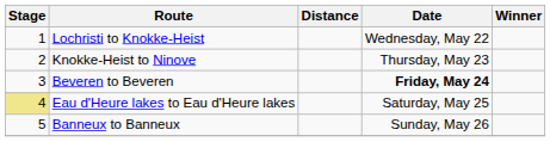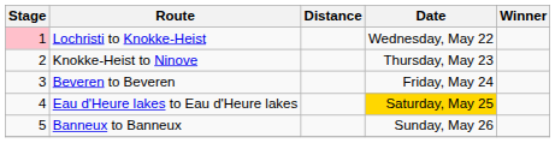 <table class="wikitable">
 <tr>
 <th>Stage</th>
 <th>Route</th>
 <th>Distance</th>
 <th>Date</th>
 <th>Winner</th>
 </tr>
 <tr>
-<td align=right>1</td>
+<td align=right style="background: pink;">1</td>
 <td><a href='#'>Lochristi</a> to <a href='#'>Knokke-Heist</a></td>
 <td> </td>
 <td align=right>Wednesday, May 22</td>
 <td></td>
 </tr>
 <tr>
 <td align=right>2</td>
 <td>Knokke-Heist to <a href='#'>Ninove</a></td>
 <td> </td>
 <td align=right>Thursday, May 23</td>
 <td></td>
 </tr>
 <tr>
 <td align=right>3</td>
 <td><a href='#'>Beveren</a> to Beveren</td>
 <td> </td>
-<td align=right><strong>Friday, May 24</strong></td>
+<td align=right>Friday, May 24</td>
 <td></td>
 </tr>
 <tr>
-<td align=right style="background: khaki;">4</td>
+<td align=right>4</td>
 <td><a href='#'>Eau d'Heure lakes</a> to Eau d'Heure lakes</td>
 <td> </td>
-<td align=right>Saturday, May 25</td>
+<td align=right style="background: gold;">Saturday, May 25</td>
 <td></td>
 </tr>
 <tr>
 <td align=right>5</td>
 <td><a href='#'>Banneux</a> to Banneux</td>
 <td> </td>
 <td align=right>Sunday, May 26</td>
 <td></td>
 </tr>
 <tr>
 </tr>
 </table>
